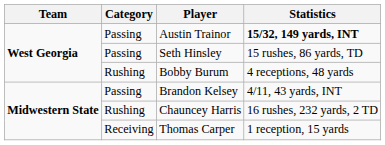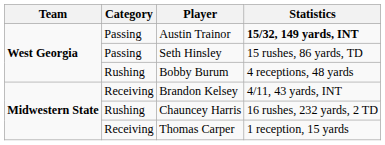 <table class="wikitable" style="float: left;">
 <tr>
 <th>Team</th>
 <th>Category</th>
 <th>Player</th>
 <th>Statistics</th>
 </tr>
 <tr>
 <td rowspan=3><strong>West Georgia</strong></td>
 <td>Passing</td>
 <td>Austin Trainor</td>
 <td><strong>15/32, 149 yards, INT</strong></td>
 </tr>
 <tr>
 <td>Passing</td>
 <td>Seth Hinsley</td>
 <td>15 rushes, 86 yards, TD</td>
 </tr>
 <tr>
 <td>Rushing</td>
 <td>Bobby Burum</td>
 <td>4 receptions, 48 yards</td>
 </tr>
 <tr>
 <td rowspan=3><strong>Midwestern State</strong></td>
-<td>Passing</td>
+<td>Receiving</td>
 <td>Brandon Kelsey</td>
 <td>4/11, 43 yards, INT</td>
 </tr>
 <tr>
 <td>Rushing</td>
 <td>Chauncey Harris</td>
 <td>16 rushes, 232 yards, 2 TD</td>
 </tr>
 <tr>
 <td>Receiving</td>
 <td>Thomas Carper</td>
 <td>1 reception, 15 yards</td>
 </tr>
 </table>
